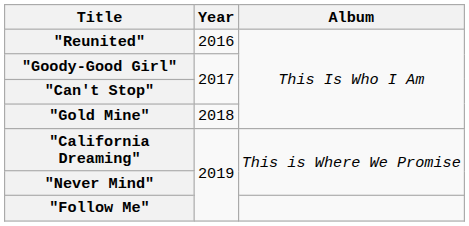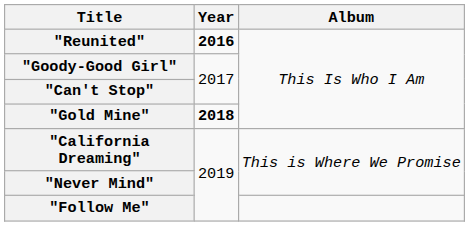 <table class="wikitable plainrowheaders" style="text-align:center;">
 <tr>
 <th scope="col" style="width:12em;">Title</th>
 <th scope="col">Year</th>
 <th scope="col">Album</th>
 </tr>
 <tr>
 <th scope="row">"Reunited"</th>
-<td>2016</td>
+<td><strong>2016</strong></td>
 <td rowspan="4"><em>This Is Who I Am</em></td>
 </tr>
 <tr>
 <th scope="row">"Goody-Good Girl"</th>
 <td rowspan="2">2017</td>
 </tr>
 <tr>
 <th scope="row">"Can't Stop"</th>
 </tr>
 <tr>
 <th scope="row">"Gold Mine"</th>
-<td>2018</td>
+<td><strong>2018</strong></td>
 </tr>
 <tr>
 <th scope="row">"California Dreaming"</th>
 <td rowspan="3">2019</td>
 <td rowspan="2"><em>This is Where We Promise</em></td>
 </tr>
 <tr>
 <th scope="row">"Never Mind"</th>
 </tr>
 <tr>
 <th scope="row">"Follow Me"</th>
 <td></td>
 </tr>
 </table>
